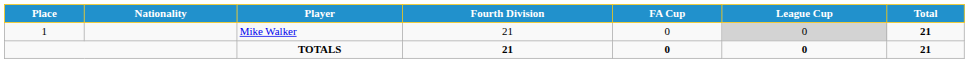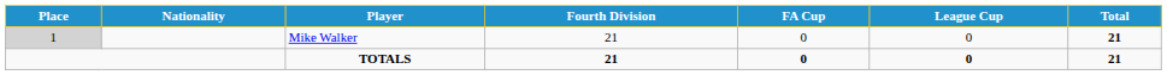 <table class="wikitable" style="text-align:center; font-size:90%; width:100%;">
 <tr>
 <th style="background:#2191CC; color:white; border:1px solid #F7C408; text-align:center;">Place</th>
 <th style="background:#2191CC; color:white; border:1px solid #F7C408; text-align:center;">Nationality</th>
 <th style="background:#2191CC; color:white; border:1px solid #F7C408; text-align:center;">Player</th>
 <th style="background:#2191CC; color:white; border:1px solid #F7C408; text-align:center;">Fourth Division</th>
 <th style="background:#2191CC; color:white; border:1px solid #F7C408; text-align:center;">FA Cup</th>
 <th style="background:#2191CC; color:white; border:1px solid #F7C408; text-align:center;">League Cup</th>
 <th style="background:#2191CC; color:white; border:1px solid #F7C408; text-align:center;">Total</th>
 </tr>
 <tr>
-<td>1</td>
+<td style="background: lightgrey;">1</td>
 <td></td>
 <td align="left"><a href='#'>Mike Walker</a></td>
 <td>21</td>
 <td>0</td>
-<td style="background: lightgrey;">0</td>
+<td>0</td>
 <td><strong>21</strong></td>
 </tr>
 <tr>
 <td colspan="2"></td>
 <td><strong>TOTALS</strong></td>
 <td><strong>21</strong></td>
 <td><strong>0</strong></td>
 <td><strong>0</strong></td>
 <td><strong>21</strong></td>
 </tr>
 </table>
